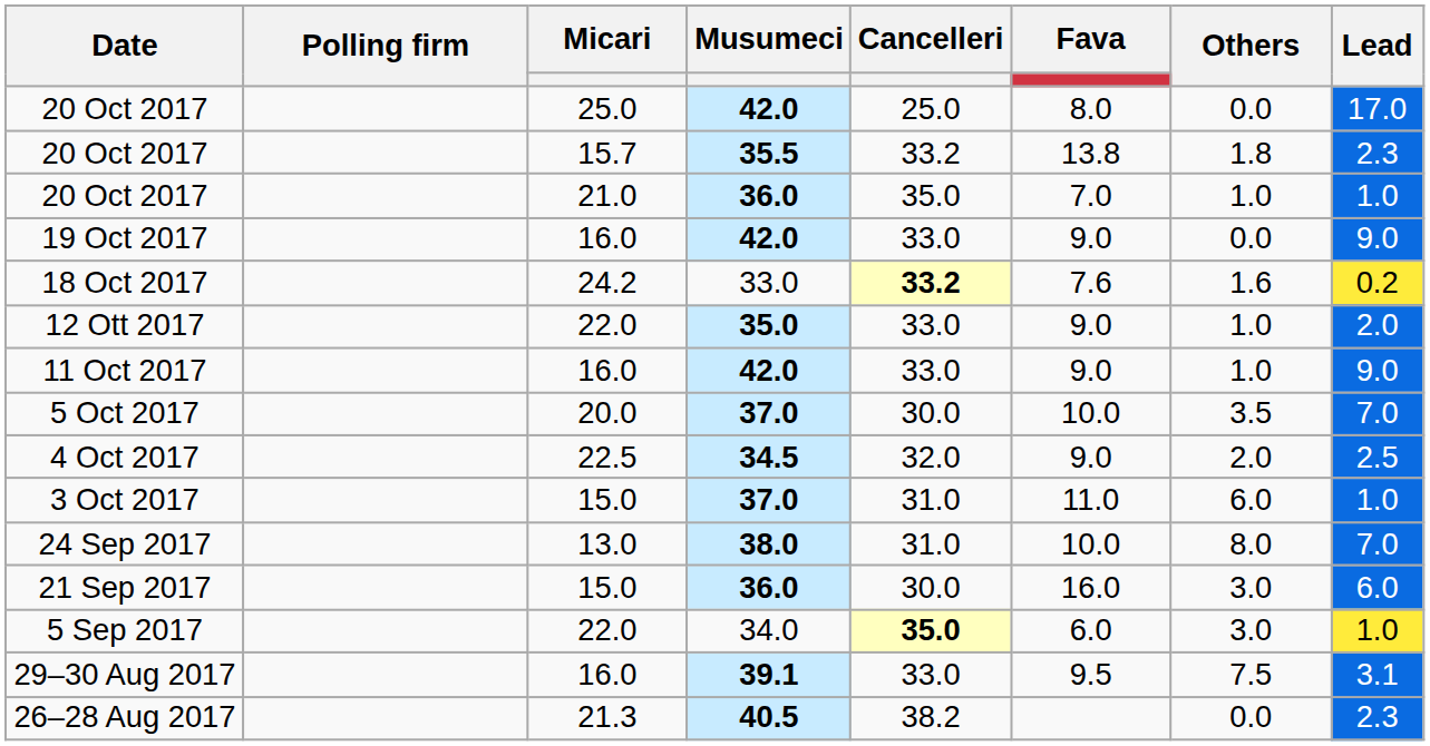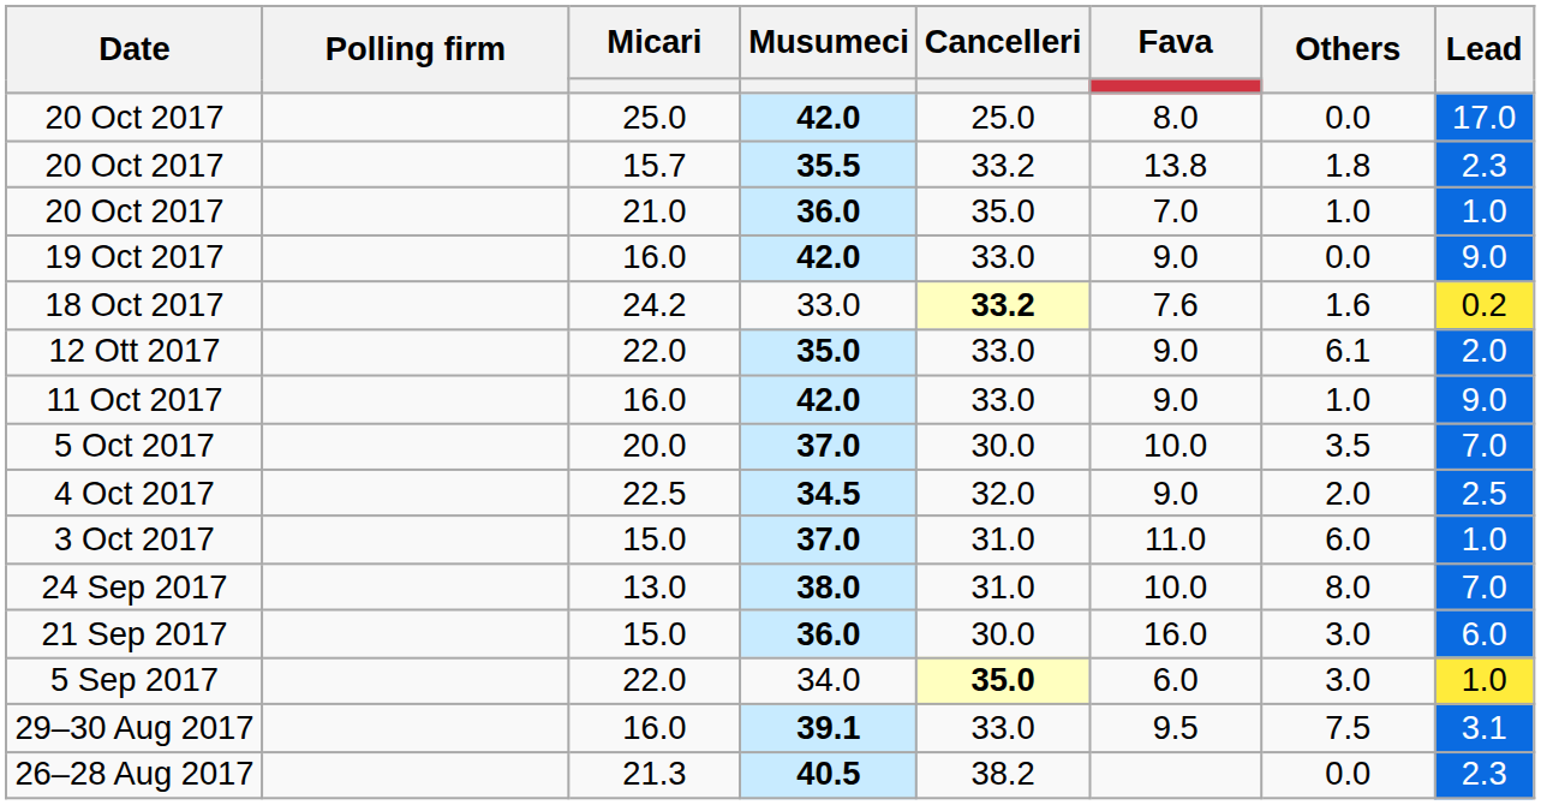 <table class=wikitable style="text-align:center;font-size:85%;line-height:13px">
 <tr style="height:30px; background-color:#E9E9E9">
 <th style="width:100px;" rowspan="2">Date</th>
 <th style="width:120px;" rowspan="2">Polling firm</th>
 <th style="width:65px;">Micari</th>
 <th style="width:65px;">Musumeci</th>
 <th style="width:65px;">Cancelleri</th>
 <th style="width:65px;">Fava</th>
 <th style="width:65px;" rowspan="2">Others</th>
 <th style="width:35px;" rowspan="2">Lead</th>
 </tr>
 <tr>
 <th style="background:"></th>
 <th style="background:"></th>
 <th style="background:"></th>
 <th style="background:#D13241;"></th>
 </tr>
 <tr>
 <td>20 Oct 2017</td>
 <td></td>
 <td>25.0</td>
 <td style="background:#C8EBFF"><strong>42.0</strong></td>
 <td>25.0</td>
 <td>8.0</td>
 <td>0.0</td>
 <td style="background:#0A6BE1; color:white;">17.0</td>
 </tr>
 <tr>
 <td>20 Oct 2017</td>
 <td></td>
 <td>15.7</td>
 <td style="background:#C8EBFF"><strong>35.5</strong></td>
 <td>33.2</td>
 <td>13.8</td>
 <td>1.8</td>
 <td style="background:#0A6BE1; color:white;">2.3</td>
 </tr>
 <tr>
 <td>20 Oct 2017</td>
 <td> </td>
 <td>21.0</td>
 <td style="background:#C8EBFF"><strong>36.0</strong></td>
 <td>35.0</td>
 <td>7.0</td>
 <td>1.0</td>
 <td style="background:#0A6BE1; color:white;">1.0</td>
 </tr>
 <tr>
 <td>19 Oct 2017</td>
 <td> </td>
 <td>16.0</td>
 <td style="background:#C8EBFF"><strong>42.0</strong></td>
 <td>33.0</td>
 <td>9.0</td>
 <td>0.0</td>
 <td style="background:#0A6BE1; color:white;">9.0</td>
 </tr>
 <tr>
 <td>18 Oct 2017</td>
 <td></td>
 <td>24.2</td>
 <td>33.0</td>
 <td style="background:#FFFFBF"><strong>33.2</strong></td>
 <td>7.6</td>
 <td>1.6</td>
 <td style="background:#FEEB3B; color:black;">0.2</td>
 </tr>
 <tr>
 <td>12 Ott 2017</td>
 <td></td>
 <td>22.0</td>
 <td style="background:#C8EBFF"><strong>35.0</strong></td>
 <td>33.0</td>
 <td>9.0</td>
-<td>1.0</td>
+<td>6.1</td>
 <td style="background:#0A6BE1; color:white;">2.0</td>
 </tr>
 <tr>
 <td>11 Oct 2017</td>
 <td></td>
 <td>16.0</td>
 <td style="background:#C8EBFF"><strong>42.0</strong></td>
 <td>33.0</td>
 <td>9.0</td>
 <td>1.0</td>
 <td style="background:#0A6BE1; color:white;">9.0</td>
 </tr>
 <tr>
 <td>5 Oct 2017</td>
 <td></td>
 <td>20.0</td>
 <td style="background:#C8EBFF"><strong>37.0</strong></td>
 <td>30.0</td>
 <td>10.0</td>
 <td>3.5</td>
 <td style="background:#0A6BE1; color:white;">7.0</td>
 </tr>
 <tr>
 <td>4 Oct 2017</td>
 <td></td>
 <td>22.5</td>
 <td style="background:#C8EBFF"><strong>34.5</strong></td>
 <td>32.0</td>
 <td>9.0</td>
 <td>2.0</td>
 <td style="background:#0A6BE1; color:white;">2.5</td>
 </tr>
 <tr>
 <td>3 Oct 2017</td>
 <td></td>
 <td>15.0</td>
 <td style="background:#C8EBFF"><strong>37.0</strong></td>
 <td>31.0</td>
 <td>11.0</td>
 <td>6.0</td>
 <td style="background:#0A6BE1; color:white;">1.0</td>
 </tr>
 <tr>
 <td>24 Sep 2017</td>
 <td></td>
 <td>13.0</td>
 <td style="background:#C8EBFF"><strong>38.0</strong></td>
 <td>31.0</td>
 <td>10.0</td>
 <td>8.0</td>
 <td style="background:#0A6BE1; color:white;">7.0</td>
 </tr>
 <tr>
 <td>21 Sep 2017</td>
 <td></td>
 <td>15.0</td>
 <td style="background:#C8EBFF"><strong>36.0</strong></td>
 <td>30.0</td>
 <td>16.0</td>
 <td>3.0</td>
 <td style="background:#0A6BE1; color:white;">6.0</td>
 </tr>
 <tr>
 <td>5 Sep 2017</td>
 <td></td>
 <td>22.0</td>
 <td>34.0</td>
 <td style="background:#FFFFBF"><strong>35.0</strong></td>
 <td>6.0</td>
 <td>3.0</td>
 <td style="background:#FFEB3B; color:black;">1.0</td>
 </tr>
 <tr>
 <td>29–30 Aug 2017</td>
 <td></td>
 <td>16.0</td>
 <td style="background:#C8EBFF"><strong>39.1</strong></td>
 <td>33.0</td>
 <td>9.5</td>
 <td>7.5</td>
 <td style="background:#0A6BE1; color:white;">3.1</td>
 </tr>
 <tr>
 <td>26–28 Aug 2017</td>
 <td></td>
 <td>21.3</td>
 <td style="background:#C8EBFF"><strong>40.5</strong></td>
 <td>38.2</td>
 <td></td>
 <td>0.0</td>
 <td style="background:#0A6BE1; color:white;">2.3</td>
 </tr>
 </table>
